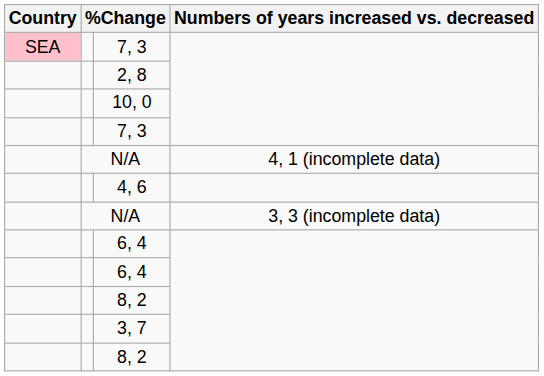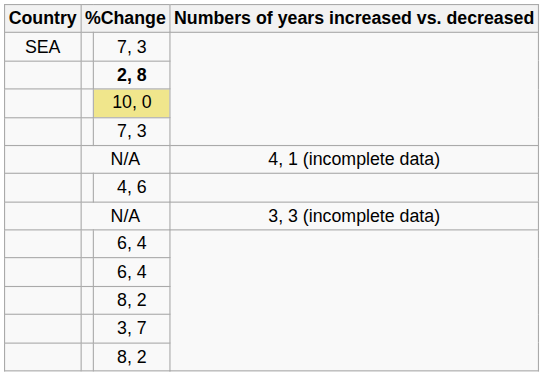 <table class="wikitable" style="text-align:center;">
 <tr>
 <th>Country</th>
 <th colspan="3">%Change</th>
 <th>Numbers of years increased vs. decreased</th>
 </tr>
 <tr>
-<td style="background: pink;">SEA</td>
+<td>SEA</td>
 <td></td>
 <td> 7,  3</td>
 </tr>
 <tr>
 <td></td>
 <td></td>
-<td> 2,  8</td>
+<td><strong> 2,  8</strong></td>
 </tr>
 <tr>
 <td></td>
 <td></td>
-<td> 10,  0</td>
+<td style="background: khaki;"> 10,  0</td>
 </tr>
 <tr>
 <td></td>
 <td></td>
 <td> 7,  3</td>
 </tr>
 <tr>
 <td></td>
 <td colspan="3">N/A</td>
 <td> 4,  1 (incomplete data)</td>
 </tr>
 <tr>
 <td></td>
 <td></td>
 <td> 4,  6</td>
 </tr>
 <tr>
 <td></td>
 <td colspan="3">N/A</td>
 <td> 3,  3 (incomplete data)</td>
 </tr>
 <tr>
 <td></td>
 <td></td>
 <td> 6,  4</td>
 </tr>
 <tr>
 <td></td>
 <td></td>
 <td> 6,  4</td>
 </tr>
 <tr>
 <td></td>
 <td></td>
 <td> 8,  2</td>
 </tr>
 <tr>
 <td></td>
 <td></td>
 <td> 3,  7</td>
 </tr>
 <tr>
 <td></td>
 <td></td>
 <td> 8,  2</td>
 </tr>
 </table>
